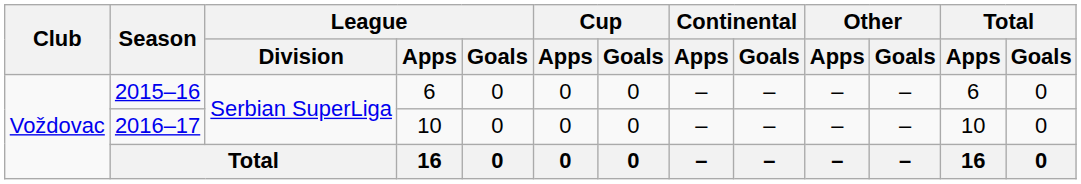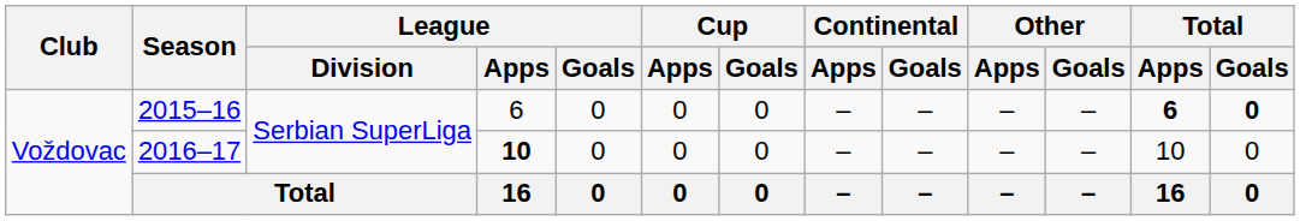 <table class="wikitable" style="text-align:center">
 <tr>
 <th rowspan="2">Club</th>
 <th rowspan="2">Season</th>
 <th colspan="3">League</th>
 <th colspan="2">Cup</th>
 <th colspan="2">Continental</th>
 <th colspan="2">Other</th>
 <th colspan="2">Total</th>
 </tr>
 <tr>
 <th>Division</th>
 <th>Apps</th>
 <th>Goals</th>
 <th>Apps</th>
 <th>Goals</th>
 <th>Apps</th>
 <th>Goals</th>
 <th>Apps</th>
 <th>Goals</th>
 <th>Apps</th>
 <th>Goals</th>
 </tr>
 <tr>
 <td rowspan="3" valign="center"><a href='#'>Voždovac</a></td>
 <td><a href='#'>2015–16</a></td>
 <td rowspan=2><a href='#'>Serbian SuperLiga</a></td>
 <td>6</td>
 <td>0</td>
 <td>0</td>
 <td>0</td>
 <td>–</td>
 <td>–</td>
 <td>–</td>
 <td>–</td>
-<td>6</td>
-<td>0</td>
+<td><strong>6</strong></td>
+<td><strong>0</strong></td>
 </tr>
 <tr>
 <td><a href='#'>2016–17</a></td>
-<td>10</td>
+<td><strong>10</strong></td>
 <td>0</td>
 <td>0</td>
 <td>0</td>
 <td>–</td>
 <td>–</td>
 <td>–</td>
 <td>–</td>
 <td>10</td>
 <td>0</td>
 </tr>
 <tr>
 <th colspan="2">Total</th>
 <th>16</th>
 <th>0</th>
 <th>0</th>
 <th>0</th>
 <th>–</th>
 <th>–</th>
 <th>–</th>
 <th>–</th>
 <th>16</th>
 <th>0</th>
 </tr>
 </table>
